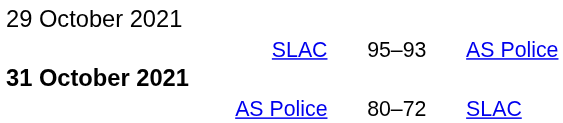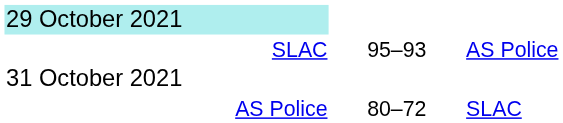 <table style="width:100%;" cellspacing="1">
 <tr>
 <th width=25%></th>
 <th width=2%></th>
 <th width=6%></th>
 <th width=2%></th>
 <th width=25%></th>
 </tr>
 <tr>
-<td>29 October 2021</td>
+<td style="background: paleturquoise;">29 October 2021</td>
 </tr>
 <tr style=font-size:90%>
 <td align=right><a href='#'>SLAC</a> </td>
 <td></td>
 <td align=center>95–93</td>
 <td></td>
 <td> <a href='#'>AS Police</a></td>
 <td></td>
 </tr>
 <tr>
-<td><strong>31 October 2021</strong></td>
+<td>31 October 2021</td>
 </tr>
 <tr style=font-size:90%>
 <td align=right><a href='#'>AS Police</a> </td>
 <td></td>
 <td align=center>80–72</td>
 <td></td>
 <td> <a href='#'>SLAC</a></td>
 <td></td>
 </tr>
 </table>
